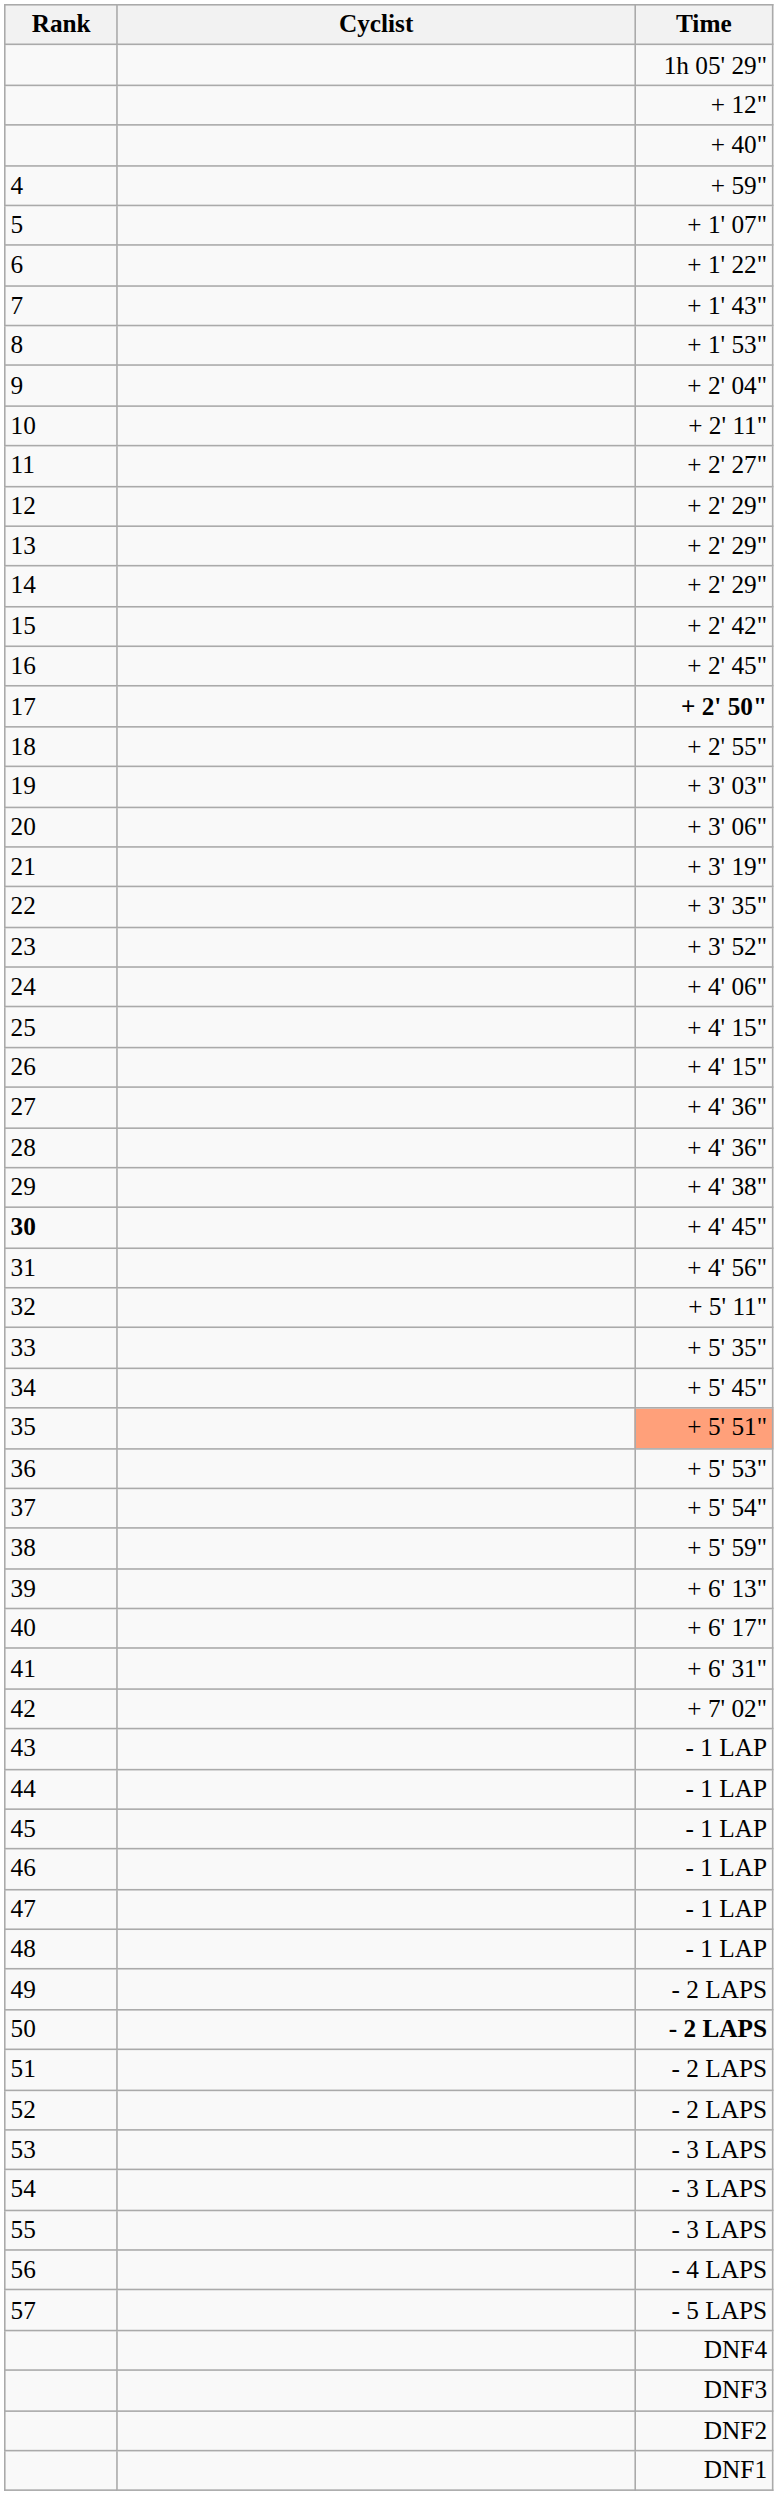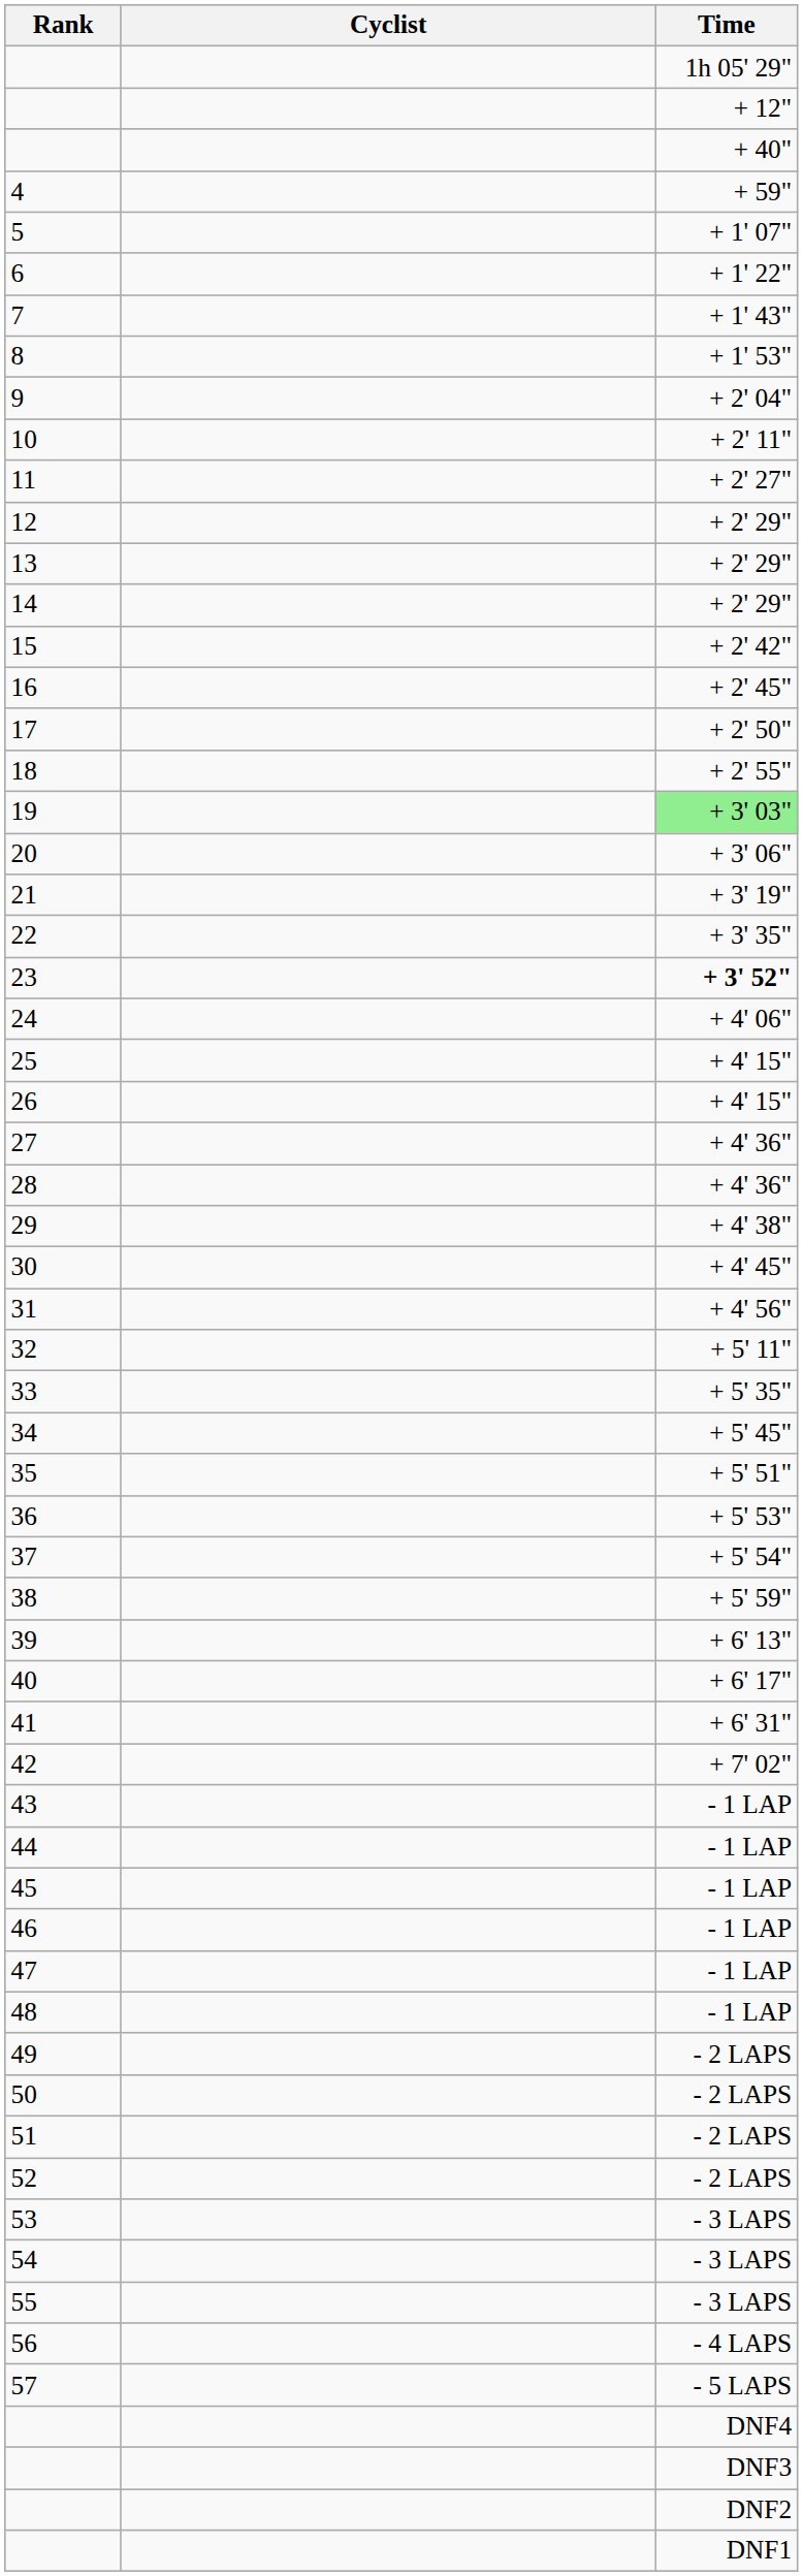 <table class="wikitable">
 <tr>
 <th style="width: 4em;">Rank</th>
 <th style="width: 20em;">Cyclist</th>
 <th style="width: 5em;">Time</th>
 </tr>
 <tr>
 <td></td>
 <td></td>
 <td align="right">1h 05' 29"</td>
 </tr>
 <tr>
 <td></td>
 <td></td>
 <td align="right">+ 12"</td>
 </tr>
 <tr>
 <td></td>
 <td></td>
 <td align="right">+ 40"</td>
 </tr>
 <tr>
 <td>4</td>
 <td></td>
 <td align="right">+ 59"</td>
 </tr>
 <tr>
 <td>5</td>
 <td></td>
 <td align="right">+ 1' 07"</td>
 </tr>
 <tr>
 <td>6</td>
 <td></td>
 <td align="right">+ 1' 22"</td>
 </tr>
 <tr>
 <td>7</td>
 <td></td>
 <td align="right">+ 1' 43"</td>
 </tr>
 <tr>
 <td>8</td>
 <td></td>
 <td align="right">+ 1' 53"</td>
 </tr>
 <tr>
 <td>9</td>
 <td></td>
 <td align="right">+ 2' 04"</td>
 </tr>
 <tr>
 <td>10</td>
 <td></td>
 <td align="right">+ 2' 11"</td>
 </tr>
 <tr>
 <td>11</td>
 <td></td>
 <td align="right">+ 2' 27"</td>
 </tr>
 <tr>
 <td>12</td>
 <td></td>
 <td align="right">+ 2' 29"</td>
 </tr>
 <tr>
 <td>13</td>
 <td></td>
 <td align="right">+ 2' 29"</td>
 </tr>
 <tr>
 <td>14</td>
 <td></td>
 <td align="right">+ 2' 29"</td>
 </tr>
 <tr>
 <td>15</td>
 <td></td>
 <td align="right">+ 2' 42"</td>
 </tr>
 <tr>
 <td>16</td>
 <td></td>
 <td align="right">+ 2' 45"</td>
 </tr>
 <tr>
 <td>17</td>
 <td></td>
-<td align="right"><strong>+ 2' 50"</strong></td>
+<td align="right">+ 2' 50"</td>
 </tr>
 <tr>
 <td>18</td>
 <td></td>
 <td align="right">+ 2' 55"</td>
 </tr>
 <tr>
 <td>19</td>
 <td></td>
-<td align="right">+ 3' 03"</td>
+<td align="right" style="background: lightgreen;">+ 3' 03"</td>
 </tr>
 <tr>
 <td>20</td>
 <td></td>
 <td align="right">+ 3' 06"</td>
 </tr>
 <tr>
 <td>21</td>
 <td></td>
 <td align="right">+ 3' 19"</td>
 </tr>
 <tr>
 <td>22</td>
 <td></td>
 <td align="right">+ 3' 35"</td>
 </tr>
 <tr>
 <td>23</td>
 <td></td>
-<td align="right">+ 3' 52"</td>
+<td align="right"><strong>+ 3' 52"</strong></td>
 </tr>
 <tr>
 <td>24</td>
 <td></td>
 <td align="right">+ 4' 06"</td>
 </tr>
 <tr>
 <td>25</td>
 <td></td>
 <td align="right">+ 4' 15"</td>
 </tr>
 <tr>
 <td>26</td>
 <td></td>
 <td align="right">+ 4' 15"</td>
 </tr>
 <tr>
 <td>27</td>
 <td></td>
 <td align="right">+ 4' 36"</td>
 </tr>
 <tr>
 <td>28</td>
 <td></td>
 <td align="right">+ 4' 36"</td>
 </tr>
 <tr>
 <td>29</td>
 <td></td>
 <td align="right">+ 4' 38"</td>
 </tr>
 <tr>
-<td><strong>30</strong></td>
+<td>30</td>
 <td></td>
 <td align="right">+ 4' 45"</td>
 </tr>
 <tr>
 <td>31</td>
 <td></td>
 <td align="right">+ 4' 56"</td>
 </tr>
 <tr>
 <td>32</td>
 <td></td>
 <td align="right">+ 5' 11"</td>
 </tr>
 <tr>
 <td>33</td>
 <td></td>
 <td align="right">+ 5' 35"</td>
 </tr>
 <tr>
 <td>34</td>
 <td></td>
 <td align="right">+ 5' 45"</td>
 </tr>
 <tr>
 <td>35</td>
 <td></td>
-<td align="right" style="background: lightsalmon;">+ 5' 51"</td>
+<td align="right">+ 5' 51"</td>
 </tr>
 <tr>
 <td>36</td>
 <td></td>
 <td align="right">+ 5' 53"</td>
 </tr>
 <tr>
 <td>37</td>
 <td></td>
 <td align="right">+ 5' 54"</td>
 </tr>
 <tr>
 <td>38</td>
 <td></td>
 <td align="right">+ 5' 59"</td>
 </tr>
 <tr>
 <td>39</td>
 <td></td>
 <td align="right">+ 6' 13"</td>
 </tr>
 <tr>
 <td>40</td>
 <td></td>
 <td align="right">+ 6' 17"</td>
 </tr>
 <tr>
 <td>41</td>
 <td></td>
 <td align="right">+ 6' 31"</td>
 </tr>
 <tr>
 <td>42</td>
 <td></td>
 <td align="right">+ 7' 02"</td>
 </tr>
 <tr>
 <td>43</td>
 <td></td>
 <td align="right">- 1 LAP</td>
 </tr>
 <tr>
 <td>44</td>
 <td></td>
 <td align="right">- 1 LAP</td>
 </tr>
 <tr>
 <td>45</td>
 <td></td>
 <td align="right">- 1 LAP</td>
 </tr>
 <tr>
 <td>46</td>
 <td></td>
 <td align="right">- 1 LAP</td>
 </tr>
 <tr>
 <td>47</td>
 <td></td>
 <td align="right">- 1 LAP</td>
 </tr>
 <tr>
 <td>48</td>
 <td></td>
 <td align="right">- 1 LAP</td>
 </tr>
 <tr>
 <td>49</td>
 <td></td>
 <td align="right">- 2 LAPS</td>
 </tr>
 <tr>
 <td>50</td>
 <td></td>
-<td align="right"><strong>- 2 LAPS</strong></td>
+<td align="right">- 2 LAPS</td>
 </tr>
 <tr>
 <td>51</td>
 <td></td>
 <td align="right">- 2 LAPS</td>
 </tr>
 <tr>
 <td>52</td>
 <td></td>
 <td align="right">- 2 LAPS</td>
 </tr>
 <tr>
 <td>53</td>
 <td></td>
 <td align="right">- 3 LAPS</td>
 </tr>
 <tr>
 <td>54</td>
 <td></td>
 <td align="right">- 3 LAPS</td>
 </tr>
 <tr>
 <td>55</td>
 <td></td>
 <td align="right">- 3 LAPS</td>
 </tr>
 <tr>
 <td>56</td>
 <td></td>
 <td align="right">- 4 LAPS</td>
 </tr>
 <tr>
 <td>57</td>
 <td></td>
 <td align="right">- 5 LAPS</td>
 </tr>
 <tr>
 <td></td>
 <td></td>
 <td align="right">DNF4</td>
 </tr>
 <tr>
 <td></td>
 <td></td>
 <td align="right">DNF3</td>
 </tr>
 <tr>
 <td></td>
 <td></td>
 <td align="right">DNF2</td>
 </tr>
 <tr>
 <td></td>
 <td></td>
 <td align="right">DNF1</td>
 </tr>
 </table>
